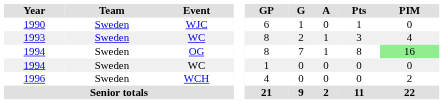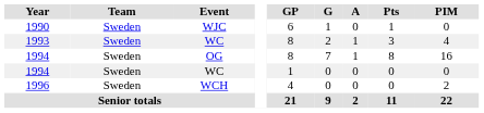 <table border="0" cellpadding="1" cellspacing="0" style="text-align:center; width:40em">
 <tr ALIGN="center" bgcolor="#e0e0e0">
 <th>Year</th>
 <th>Team</th>
 <th>Event</th>
 <th rowspan="99" bgcolor="#ffffff"> </th>
 <th>GP</th>
 <th>G</th>
 <th>A</th>
 <th>Pts</th>
 <th>PIM</th>
 </tr>
 <tr>
 <td><a href='#'>1990</a></td>
 <td><a href='#'>Sweden</a></td>
 <td><a href='#'>WJC</a></td>
 <td>6</td>
 <td>1</td>
 <td>0</td>
 <td>1</td>
 <td>0</td>
 </tr>
 <tr bgcolor="#f0f0f0">
 <td><a href='#'>1993</a></td>
 <td><a href='#'>Sweden</a></td>
 <td><a href='#'>WC</a></td>
 <td>8</td>
 <td>2</td>
 <td>1</td>
 <td>3</td>
 <td>4</td>
 </tr>
 <tr>
 <td><a href='#'>1994</a></td>
 <td>Sweden</td>
 <td><a href='#'>OG</a></td>
 <td>8</td>
 <td>7</td>
 <td>1</td>
 <td>8</td>
-<td style="background: lightgreen;">16</td>
+<td>16</td>
 </tr>
 <tr bgcolor="#f0f0f0">
 <td><a href='#'>1994</a></td>
 <td>Sweden</td>
 <td>WC</td>
 <td>1</td>
 <td>0</td>
 <td>0</td>
 <td>0</td>
 <td>0</td>
 </tr>
 <tr>
 <td><a href='#'>1996</a></td>
 <td>Sweden</td>
 <td><a href='#'>WCH</a></td>
 <td>4</td>
 <td>0</td>
 <td>0</td>
 <td>0</td>
 <td>2</td>
 </tr>
 <tr bgcolor="#e0e0e0">
 <th colspan=3>Senior totals</th>
 <th>21</th>
 <th>9</th>
 <th>2</th>
 <th>11</th>
 <th>22</th>
 </tr>
 </table>
